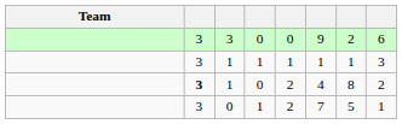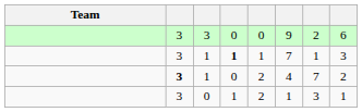 <table class="wikitable" style="text-align: center; font-size: 90%;">
 <tr>
 <th width=180>Team</th>
 <th width=25></th>
 <th width=25></th>
 <th width=25></th>
 <th width=25></th>
 <th width=25></th>
 <th width=25></th>
 <th width=25></th>
 </tr>
 <tr bgcolor=#ccffcc>
 <td align="left"></td>
 <td>3</td>
 <td>3</td>
 <td>0</td>
 <td>0</td>
 <td>9</td>
 <td>2</td>
 <td>6</td>
 </tr>
 <tr>
 <td align="left"></td>
 <td>3</td>
 <td>1</td>
+<td><strong>1</strong></td>
 <td>1</td>
-<td>1</td>
-<td>1</td>
+<td>7</td>
 <td>1</td>
 <td>3</td>
 </tr>
 <tr>
 <td align="left"></td>
 <td><strong>3</strong></td>
 <td>1</td>
 <td>0</td>
 <td>2</td>
 <td>4</td>
-<td>8</td>
+<td>7</td>
 <td>2</td>
 </tr>
 <tr>
 <td align="left"></td>
 <td>3</td>
 <td>0</td>
 <td>1</td>
 <td>2</td>
-<td>7</td>
-<td>5</td>
+<td>1</td>
+<td>3</td>
 <td>1</td>
 </tr>
 </table>
